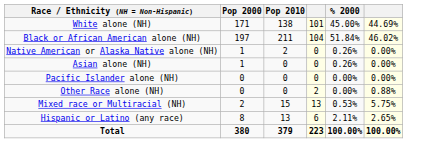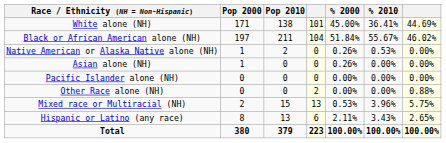 <table class="wikitable" style="text-align:center;">
 <tr>
 <th>Race / Ethnicity <small>(<em>NH = Non-Hispanic</em>)</small></th>
 <th>Pop 2000</th>
 <th>Pop 2010</th>
 <th></th>
 <th>% 2000</th>
+<th>% 2010</th>
 <th></th>
 </tr>
 <tr>
 <td><a href='#'>White</a> alone (NH)</td>
 <td>171</td>
 <td>138</td>
 <td style='background: #ffffe6;'>101</td>
 <td>45.00%</td>
+<td>36.41%</td>
 <td style='background: #ffffe6;'>44.69%</td>
 </tr>
 <tr>
 <td><a href='#'>Black or African American</a> alone (NH)</td>
 <td>197</td>
 <td>211</td>
 <td style='background: #ffffe6;'>104</td>
 <td>51.84%</td>
+<td>55.67%</td>
 <td style='background: #ffffe6;'>46.02%</td>
 </tr>
 <tr>
 <td><a href='#'>Native American</a> or <a href='#'>Alaska Native</a> alone (NH)</td>
 <td>1</td>
 <td>2</td>
 <td style='background: #ffffe6;'>0</td>
 <td>0.26%</td>
+<td>0.53%</td>
 <td style='background: #ffffe6;'>0.00%</td>
 </tr>
 <tr>
 <td><a href='#'>Asian</a> alone (NH)</td>
 <td>1</td>
 <td>0</td>
 <td style='background: #ffffe6;'>0</td>
 <td>0.26%</td>
+<td>0.00%</td>
 <td style='background: #ffffe6;'>0.00%</td>
 </tr>
 <tr>
 <td><a href='#'>Pacific Islander</a> alone (NH)</td>
 <td>0</td>
 <td>0</td>
 <td style='background: #ffffe6;'>0</td>
+<td>0.00%</td>
 <td>0.00%</td>
 <td style='background: #ffffe6;'>0.00%</td>
 </tr>
 <tr>
 <td><a href='#'>Other Race</a> alone (NH)</td>
 <td>0</td>
 <td>0</td>
 <td style='background: #ffffe6;'>2</td>
 <td>0.00%</td>
+<td>0.00%</td>
 <td style='background: #ffffe6;'>0.88%</td>
 </tr>
 <tr>
 <td><a href='#'>Mixed race or Multiracial</a> (NH)</td>
 <td>2</td>
 <td>15</td>
 <td style='background: #ffffe6;'>13</td>
 <td>0.53%</td>
+<td>3.96%</td>
 <td style='background: #ffffe6;'>5.75%</td>
 </tr>
 <tr>
 <td><a href='#'>Hispanic or Latino</a> (any race)</td>
 <td>8</td>
 <td>13</td>
 <td style='background: #ffffe6;'>6</td>
 <td>2.11%</td>
+<td>3.43%</td>
 <td style='background: #ffffe6;'>2.65%</td>
 </tr>
 <tr>
 <td><strong>Total</strong></td>
 <td><strong>380</strong></td>
 <td><strong>379</strong></td>
 <td style='background: #ffffe6;'><strong>223</strong></td>
 <td><strong>100.00%</strong></td>
+<td><strong>100.00%</strong></td>
 <td style='background: #ffffe6;'><strong>100.00%</strong></td>
 </tr>
 </table>
